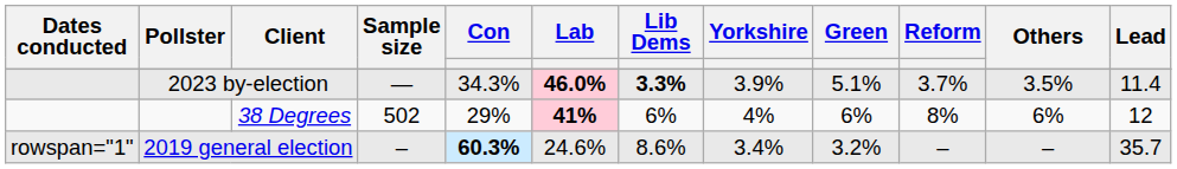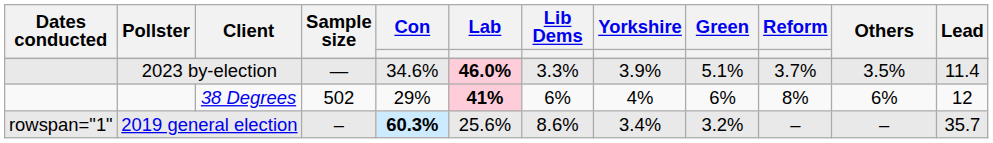 <table class="wikitable sortable tpl-blanktable" style="text-align:center; line-height:14px; font-size:90%;">
 <tr>
 <th rowspan="2">Dates<br>conducted</th>
 <th rowspan="2">Pollster</th>
 <th rowspan="2">Client</th>
 <th rowspan="2" data-sort-type="number">Sample<br>size</th>
 <th class="unsortable" style="width:50px;"><a href='#'>Con</a></th>
 <th class="unsortable" style="width:50px;"><a href='#'>Lab</a></th>
 <th class="unsortable" style="width:50px;"><a href='#'>Lib Dems</a></th>
 <th class="unsortable" style="width:50px;"><a href='#'>Yorkshire</a></th>
 <th class="unsortable" style="width:50px;"><a href='#'>Green</a></th>
 <th class="unsortable" style="width:50px;"><a href='#'>Reform</a></th>
 <th rowspan="2" class="unsortable" style="width:75px;">Others</th>
 <th rowspan="2" data-sort-type="number">Lead</th>
 </tr>
 <tr>
 <th data-sort-type="number" style="background:"></th>
 <th data-sort-type="number" style="background:"></th>
 <th data-sort-type="number" style="background:"></th>
 <th data-sort-type="number" style="background:"></th>
 <th data-sort-type="number" style="background:"></th>
 <th data-sort-type="number" style="background:"></th>
 </tr>
 <tr>
 </tr>
 <tr style="background:#E9E9E9;">
 <td></td>
 <td colspan="2" rowspan="1">2023 by-election</td>
 <td>—</td>
-<td>34.3%</td>
+<td>34.6%</td>
 <td style="background:#FFCCD9;color:black"><strong>46.0%</strong></td>
-<td><strong>3.3%</strong></td>
+<td>3.3%</td>
 <td>3.9%</td>
 <td>5.1%</td>
 <td>3.7%</td>
 <td>3.5%</td>
 <td style="background:">11.4</td>
 </tr>
 <tr>
 <td></td>
 <td></td>
 <td><em><a href='#'>38 Degrees</a></em></td>
 <td>502</td>
 <td>29%</td>
 <td style="background:#FFCCD9;color:black"><strong>41%</strong></td>
 <td>6%</td>
 <td>4%</td>
 <td>6%</td>
 <td>8%</td>
 <td>6%</td>
 <td style="background:">12</td>
 </tr>
 <tr style="background:#E9E9E9;">
 <td>rowspan="1" </td>
 <td colspan="2" rowspan="1"><a href='#'>2019 general election</a></td>
 <td>–</td>
 <td style="background:#CCEBFF;"><strong>60.3%</strong></td>
-<td>24.6%</td>
+<td>25.6%</td>
 <td>8.6%</td>
 <td>3.4%</td>
 <td>3.2%</td>
 <td>–</td>
 <td>–</td>
 <td style="background:">35.7</td>
 </tr>
 </table>
